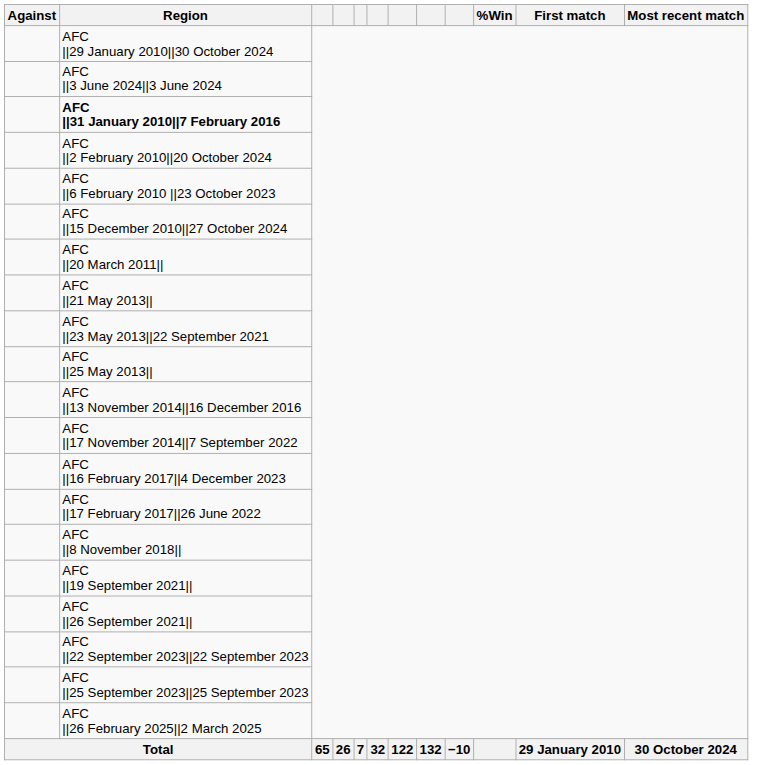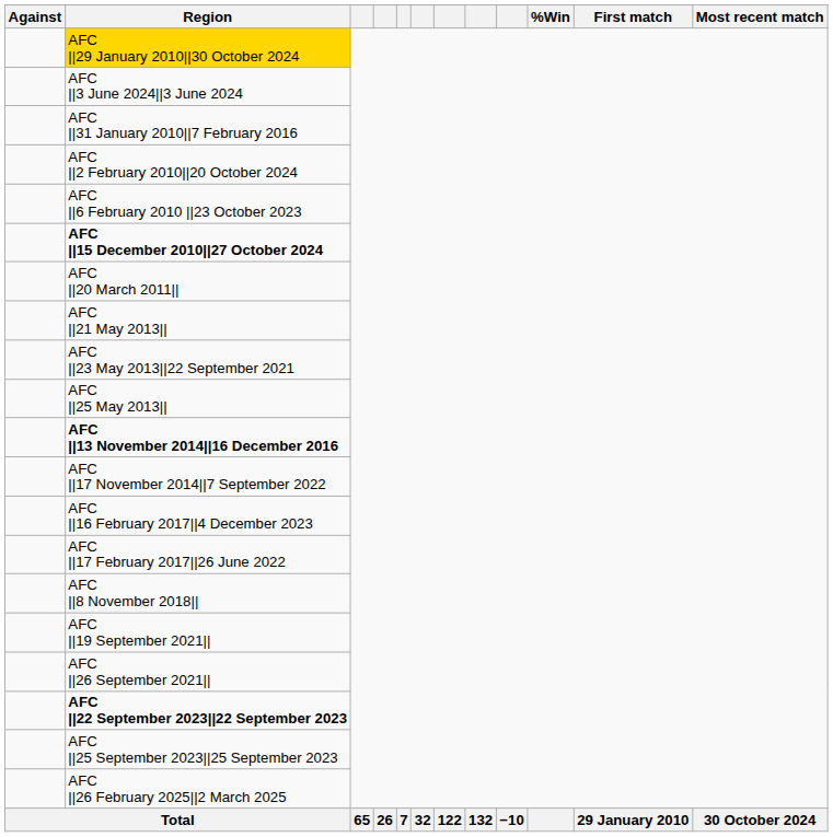 <table class="wikitable sortable" style="text-align: left;font-size:90%;">
 <tr>
 <th>Against</th>
 <th>Region</th>
 <th></th>
 <th></th>
 <th></th>
 <th></th>
 <th></th>
 <th></th>
 <th></th>
 <th>%Win</th>
 <th>First match</th>
 <th>Most recent match</th>
 </tr>
 <tr>
 <td></td>
-<td>AFC<br>||29 January 2010||30 October 2024</td>
+<td style="background: gold;">AFC<br>||29 January 2010||30 October 2024</td>
 </tr>
 <tr>
 <td></td>
 <td>AFC<br>||3 June 2024||3 June 2024</td>
 </tr>
 <tr>
 <td></td>
-<td><strong>AFC<br>||31 January 2010||7 February 2016</strong></td>
+<td>AFC<br>||31 January 2010||7 February 2016</td>
 </tr>
 <tr>
 <td></td>
 <td>AFC<br>||2 February 2010||20 October 2024</td>
 </tr>
 <tr>
 <td></td>
 <td>AFC<br>||6 February 2010 ||23 October 2023</td>
 </tr>
 <tr>
 <td></td>
-<td>AFC<br>||15 December 2010||27 October 2024</td>
+<td><strong>AFC<br>||15 December 2010||27 October 2024</strong></td>
 </tr>
 <tr>
 <td></td>
 <td>AFC<br>||20 March 2011||</td>
 </tr>
 <tr>
 <td></td>
 <td>AFC<br>||21 May 2013||</td>
 </tr>
 <tr>
 <td></td>
 <td>AFC<br>||23 May 2013||22 September 2021</td>
 </tr>
 <tr>
 <td></td>
 <td>AFC<br>||25 May 2013||</td>
 </tr>
 <tr>
 <td></td>
-<td>AFC<br>||13 November 2014||16 December 2016</td>
+<td><strong>AFC<br>||13 November 2014||16 December 2016</strong></td>
 </tr>
 <tr>
 <td></td>
 <td>AFC<br>||17 November 2014||7 September 2022</td>
 </tr>
 <tr>
 <td></td>
 <td>AFC<br>||16 February 2017||4 December 2023</td>
 </tr>
 <tr>
 <td></td>
 <td>AFC<br>||17 February 2017||26 June 2022</td>
 </tr>
 <tr>
 <td></td>
 <td>AFC<br>||8 November 2018||</td>
 </tr>
 <tr>
 <td></td>
 <td>AFC<br>||19 September 2021||</td>
 </tr>
 <tr>
 <td></td>
 <td>AFC<br>||26 September 2021||</td>
 </tr>
 <tr>
 <td></td>
-<td>AFC<br>||22 September 2023||22 September 2023</td>
+<td><strong>AFC<br>||22 September 2023||22 September 2023</strong></td>
 </tr>
 <tr>
 <td></td>
 <td>AFC<br>||25 September 2023||25 September 2023</td>
 </tr>
 <tr>
 <td></td>
 <td>AFC<br>||26 February 2025||2 March 2025</td>
 </tr>
 <tr>
 <th colspan=2>Total</th>
 <th>65</th>
 <th>26</th>
 <th>7</th>
 <th>32</th>
 <th>122</th>
 <th>132</th>
 <th>−10</th>
 <th></th>
 <th>29 January 2010</th>
 <th>30 October 2024</th>
 </tr>
 </table>
